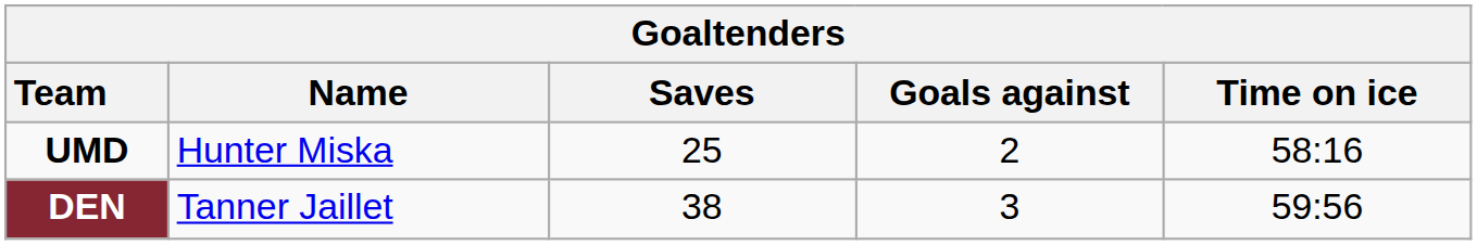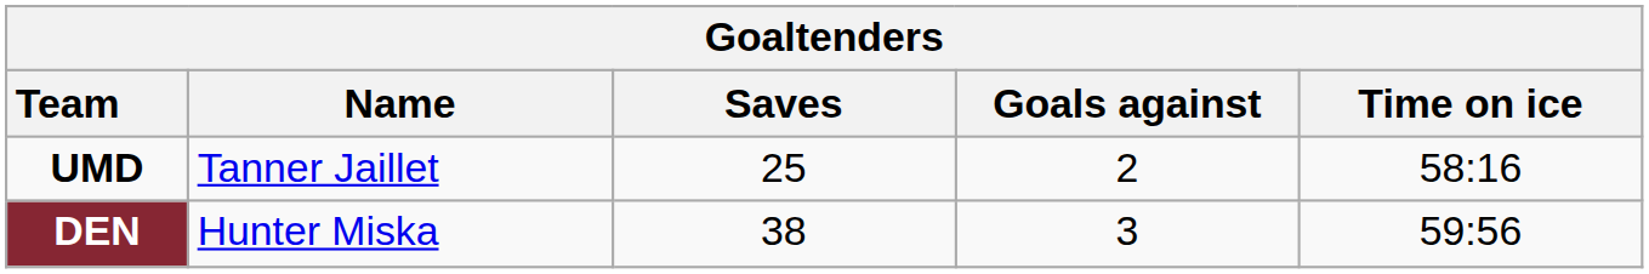 <table class="wikitable" style="width:40em; text-align:right;">
 <tr>
 <th colspan=5>Goaltenders</th>
 </tr>
 <tr>
 <th style="width:4em; text-align:left;">Team</th>
 <th style="width:10em;">Name</th>
 <th style="width:8em;">Saves</th>
 <th style="width:8em;">Goals against</th>
 <th style="width:8em;">Time on ice</th>
 </tr>
 <tr>
 <td align=center><strong>UMD</strong></td>
-<td style="text-align:left;"><a href='#'>Hunter Miska</a></td>
+<td style="text-align:left;"><a href='#'>Tanner Jaillet</a></td>
 <td align=center>25</td>
 <td align=center>2</td>
 <td align=center>58:16</td>
 </tr>
 <tr>
 <td align=center style="color:white; background:#862633; "><strong>DEN</strong></td>
-<td style="text-align:left;"><a href='#'>Tanner Jaillet</a></td>
+<td style="text-align:left;"><a href='#'>Hunter Miska</a></td>
 <td align=center>38</td>
 <td align=center>3</td>
 <td align=center>59:56</td>
 </tr>
 </table>
